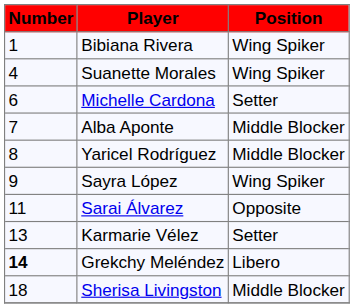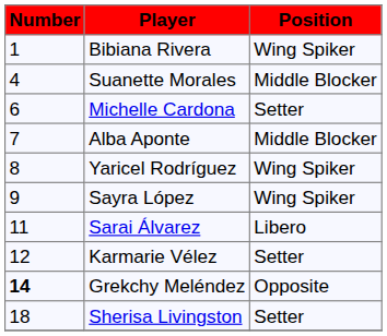 <table bgcolor="#f7f8ff" cellpadding="3" cellspacing="0" border="1" style="font-size: 95%; border: gray solid 1px; border-collapse: collapse;">
 <tr bgcolor="#ff0000">
 <td align=center><strong>Number</strong></td>
 <td align=center><strong>Player</strong></td>
 <td align=center><strong>Position</strong></td>
 </tr>
 <tr align="left">
 <td>1</td>
 <td> Bibiana Rivera</td>
 <td>Wing Spiker</td>
 </tr>
 <tr align="left">
 <td>4</td>
 <td> Suanette Morales</td>
-<td>Wing Spiker</td>
+<td>Middle Blocker</td>
 </tr>
 <tr align="left">
 <td>6</td>
 <td> <a href='#'>Michelle Cardona</a></td>
 <td>Setter</td>
 </tr>
 <tr align="left">
 <td>7</td>
 <td> Alba Aponte</td>
 <td>Middle Blocker</td>
 </tr>
 <tr align="left">
 <td>8</td>
 <td> Yaricel Rodríguez</td>
-<td>Middle Blocker</td>
+<td>Wing Spiker</td>
 </tr>
 <tr align="left">
 <td>9</td>
 <td> Sayra López</td>
 <td>Wing Spiker</td>
 </tr>
 <tr align="left">
 <td>11</td>
 <td> <a href='#'>Sarai Álvarez</a></td>
-<td>Opposite</td>
+<td>Libero</td>
 </tr>
 <tr align="left">
-<td>13</td>
+<td>12</td>
 <td> Karmarie Vélez</td>
 <td>Setter</td>
 </tr>
 <tr align="left">
 <td><strong>14</strong></td>
 <td> Grekchy Meléndez</td>
-<td>Libero</td>
+<td>Opposite</td>
 </tr>
 <tr align="left">
 <td>18</td>
 <td> <a href='#'>Sherisa Livingston</a></td>
-<td>Middle Blocker</td>
+<td>Setter</td>
 </tr>
 <tr align="left">
 </tr>
 </table>
